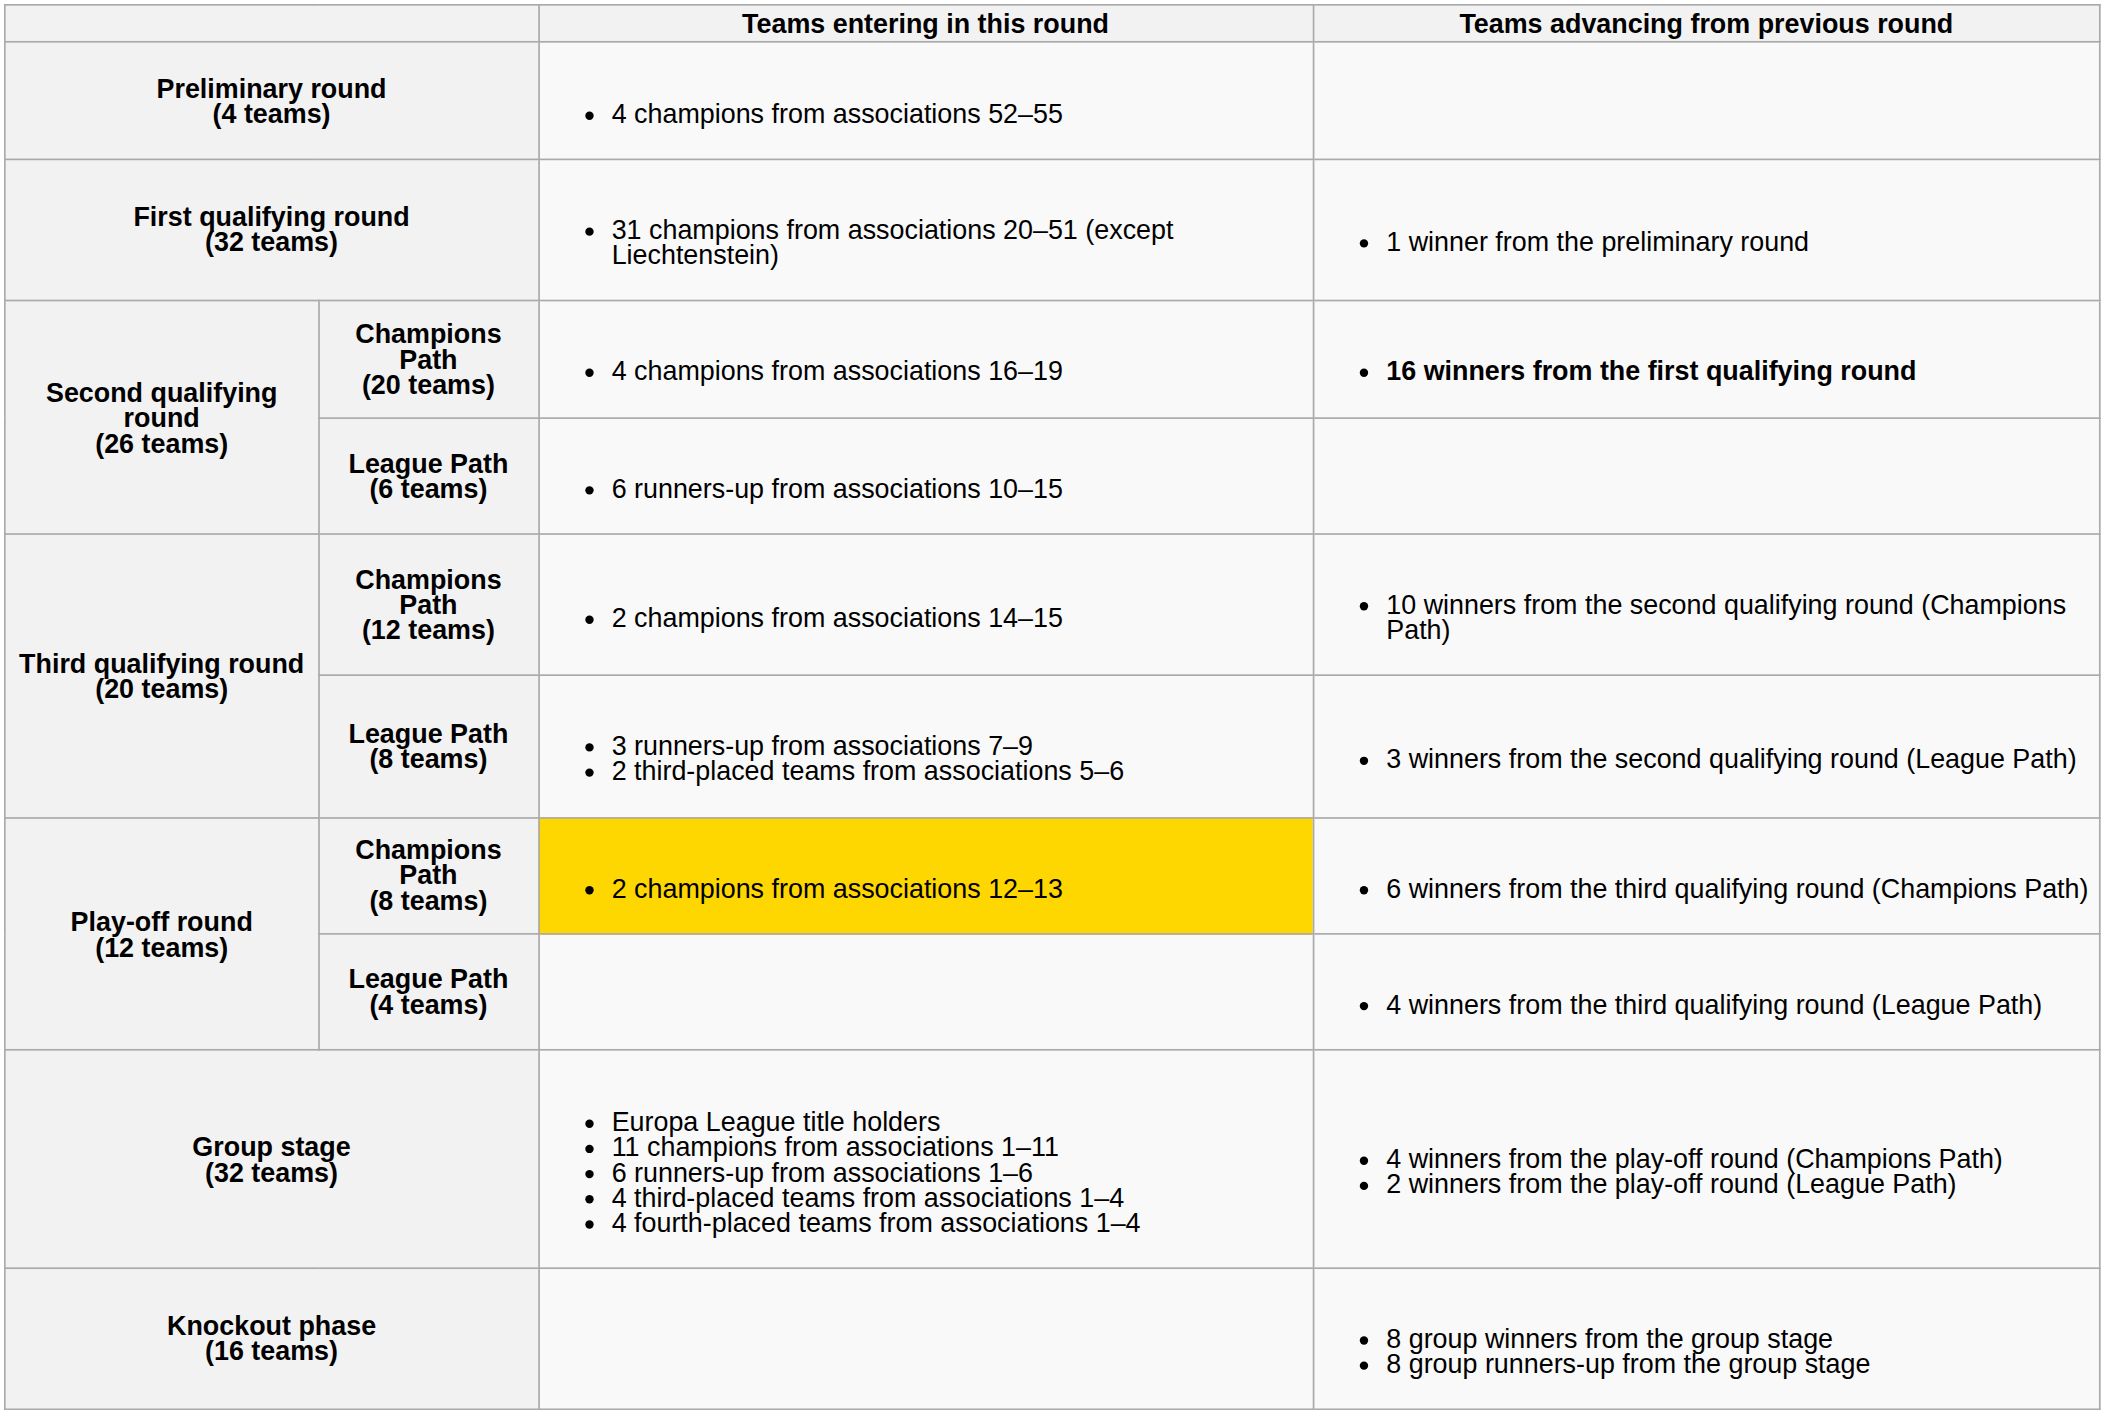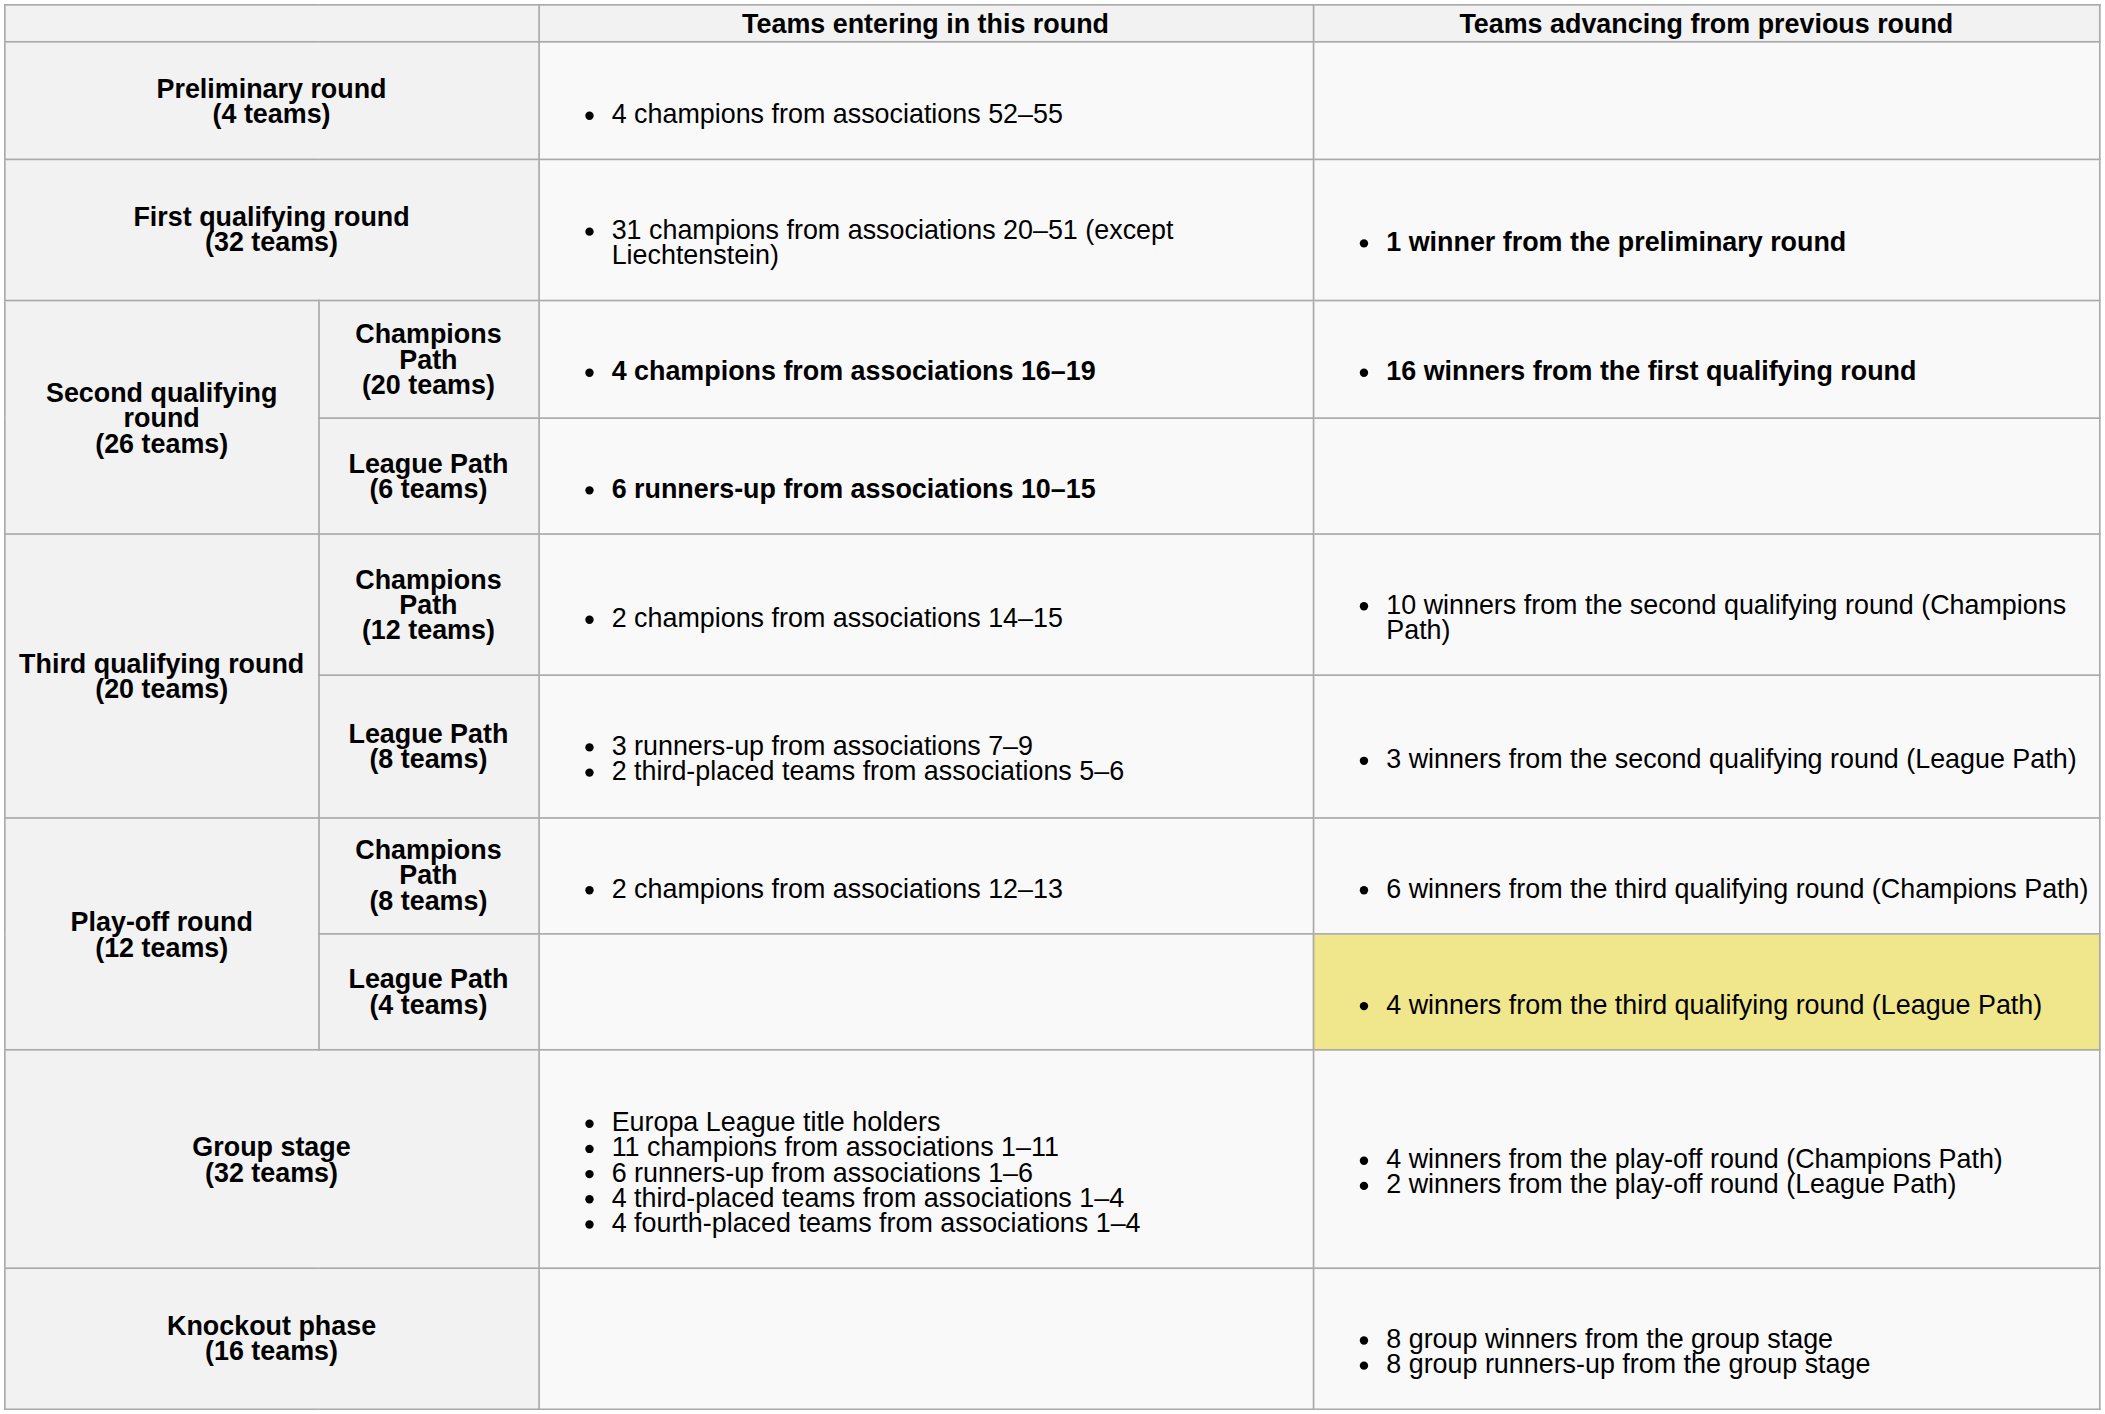 <table class="wikitable" style="line-height:15px;">
 <tr>
 <th colspan=2></th>
 <th>Teams entering in this round</th>
 <th>Teams advancing from previous round</th>
 </tr>
 <tr>
 <th colspan=2>Preliminary round<br>(4 teams)</th>
 <td><br><ul><li>4 champions from associations 52–55</li></ul></td>
 <td></td>
 </tr>
 <tr>
 <th colspan=2>First qualifying round<br>(32 teams)</th>
 <td><br><ul><li>31 champions from associations 20–51 (except Liechtenstein)</li></ul></td>
-<td><br><ul><li>1 winner from the preliminary round</li></ul></td>
+<td><strong><br><ul><li>1 winner from the preliminary round</li></ul></strong></td>
 </tr>
 <tr>
 <th rowspan=2>Second qualifying round<br>(26 teams)</th>
 <th>Champions Path<br>(20 teams)</th>
-<td><br><ul><li>4 champions from associations 16–19</li></ul></td>
+<td><strong><br><ul><li>4 champions from associations 16–19</li></ul></strong></td>
 <td><strong><br><ul><li>16 winners from the first qualifying round</li></ul></strong></td>
 </tr>
 <tr>
 <th>League Path<br>(6 teams)</th>
-<td><br><ul><li>6 runners-up from associations 10–15</li></ul></td>
+<td><strong><br><ul><li>6 runners-up from associations 10–15</li></ul></strong></td>
 <td></td>
 </tr>
 <tr>
 <th rowspan=2>Third qualifying round<br>(20 teams)</th>
 <th>Champions Path<br>(12 teams)</th>
 <td><br><ul><li>2 champions from associations 14–15</li></ul></td>
 <td><br><ul><li>10 winners from the second qualifying round (Champions Path)</li></ul></td>
 </tr>
 <tr>
 <th>League Path<br>(8 teams)</th>
 <td><br><ul><li>3 runners-up from associations 7–9</li><li>2 third-placed teams from associations 5–6</li></ul></td>
 <td><br><ul><li>3 winners from the second qualifying round (League Path)</li></ul></td>
 </tr>
 <tr>
 <th rowspan=2>Play-off round<br>(12 teams)</th>
 <th>Champions Path<br>(8 teams)</th>
-<td style="background: gold;"><br><ul><li>2 champions from associations 12–13</li></ul></td>
+<td><br><ul><li>2 champions from associations 12–13</li></ul></td>
 <td><br><ul><li>6 winners from the third qualifying round (Champions Path)</li></ul></td>
 </tr>
 <tr>
 <th>League Path<br>(4 teams)</th>
 <td></td>
-<td><br><ul><li>4 winners from the third qualifying round (League Path)</li></ul></td>
+<td style="background: khaki;"><br><ul><li>4 winners from the third qualifying round (League Path)</li></ul></td>
 </tr>
 <tr>
 <th colspan=2>Group stage<br>(32 teams)</th>
 <td><br><ul><li>Europa League title holders</li><li>11 champions from associations 1–11</li><li>6 runners-up from associations 1–6</li><li>4 third-placed teams from associations 1–4</li><li>4 fourth-placed teams from associations 1–4</li></ul></td>
 <td><br><ul><li>4 winners from the play-off round (Champions Path)</li><li>2 winners from the play-off round (League Path)</li></ul></td>
 </tr>
 <tr>
 <th colspan=2>Knockout phase<br>(16 teams)</th>
 <td></td>
 <td><br><ul><li>8 group winners from the group stage</li><li>8 group runners-up from the group stage</li></ul></td>
 </tr>
 </table>
